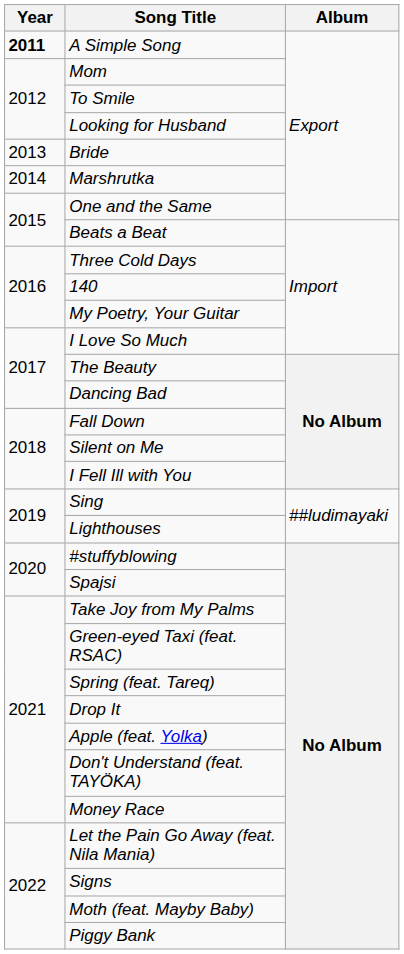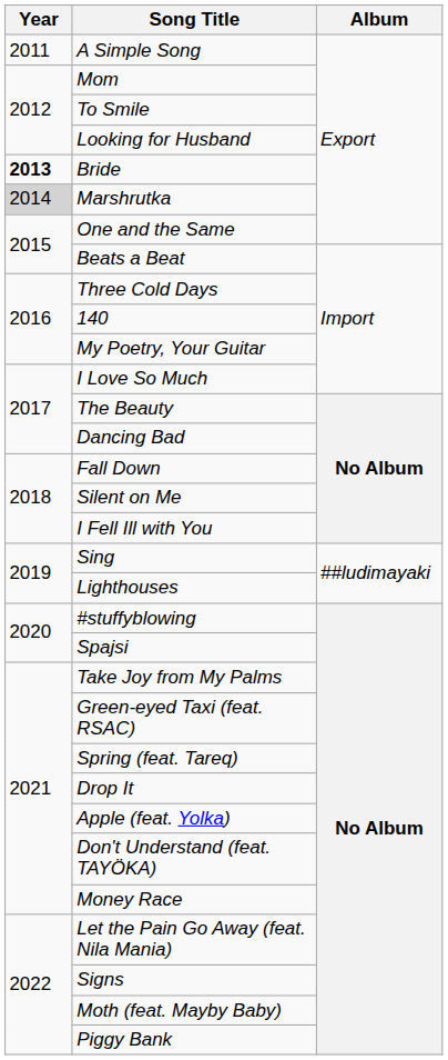 <table class="wikitable">
 <tr>
 <th width=50px>Year</th>
 <th width=200px>Song Title</th>
 <th width=100px>Album</th>
 </tr>
 <tr>
-<td><strong>2011</strong></td>
+<td>2011</td>
 <td><em>A Simple Song</em></td>
 <td rowspan="7"><em>Export</em></td>
 </tr>
 <tr>
 <td rowspan="3">2012</td>
 <td><em>Mom</em></td>
 </tr>
 <tr>
 <td><em>To Smile</em></td>
 </tr>
 <tr>
 <td><em>Looking for Husband</em></td>
 </tr>
 <tr>
-<td>2013</td>
+<td><strong>2013</strong></td>
 <td><em>Bride</em></td>
 </tr>
 <tr>
-<td>2014</td>
+<td style="background: lightgrey;">2014</td>
 <td><em>Marshrutka</em></td>
 </tr>
 <tr>
 <td rowspan="2">2015</td>
 <td><em>One and the Same</em></td>
 </tr>
 <tr>
 <td><em>Beats a Beat</em></td>
 <td rowspan="5"><em>Import</em></td>
 </tr>
 <tr>
 <td rowspan="3">2016</td>
 <td><em>Three Cold Days</em></td>
 </tr>
 <tr>
 <td><em>140</em></td>
 </tr>
 <tr>
 <td><em>My Poetry, Your Guitar</em></td>
 </tr>
 <tr>
 <td rowspan="3">2017</td>
 <td><em>I Love So Much</em></td>
 </tr>
 <tr>
 <td><em>The Beauty</em></td>
 <th rowspan="5">No Album</th>
 </tr>
 <tr>
 <td><em>Dancing Bad</em></td>
 </tr>
 <tr>
 <td rowspan="3">2018</td>
 <td><em>Fall Down</em></td>
 </tr>
 <tr>
 <td><em>Silent on Me</em></td>
 </tr>
 <tr>
 <td><em>I Fell Ill with You</em></td>
 </tr>
 <tr>
 <td rowspan="2">2019</td>
 <td><em>Sing</em></td>
 <td rowspan="2"><em>##ludimayaki</em></td>
 </tr>
 <tr>
 <td><em>Lighthouses</em></td>
 </tr>
 <tr>
 <td rowspan="2">2020</td>
 <td><em>#stuffyblowing</em></td>
 <th rowspan="13">No Album</th>
 </tr>
 <tr>
 <td><em>Spajsi</em></td>
 </tr>
 <tr>
 <td rowspan="7">2021</td>
 <td><em>Take Joy from My Palms</em></td>
 </tr>
 <tr>
 <td><em>Green-eyed Taxi (feat. RSAC)</em></td>
 </tr>
 <tr>
 <td><em>Spring (feat. Tareq)</em></td>
 </tr>
 <tr>
 <td><em>Drop It</em></td>
 </tr>
 <tr>
 <td><em>Apple</em> <em>(feat. <a href='#'>Yolka</a>)</em></td>
 </tr>
 <tr>
 <td><em>Don't Understand (feat. TAYÖKA)</em></td>
 </tr>
 <tr>
 <td><em>Money Race</em></td>
 </tr>
 <tr>
 <td rowspan="4">2022</td>
 <td><em>Let the Pain Go Away (feat. Nila Mania)</em></td>
 </tr>
 <tr>
 <td><em>Signs</em></td>
 </tr>
 <tr>
 <td><em>Moth (feat.  Mayby Baby)</em></td>
 </tr>
 <tr>
 <td><em>Piggy Bank</em></td>
 </tr>
 </table>
